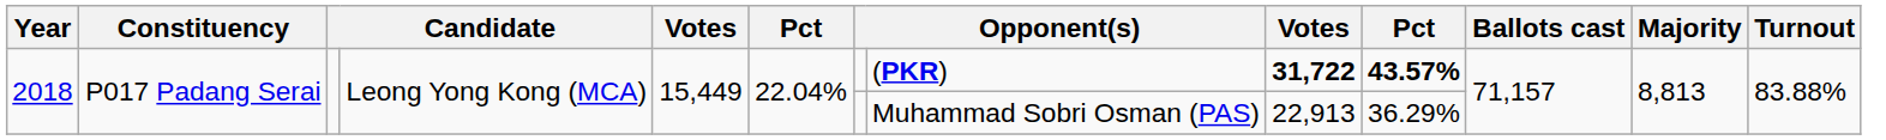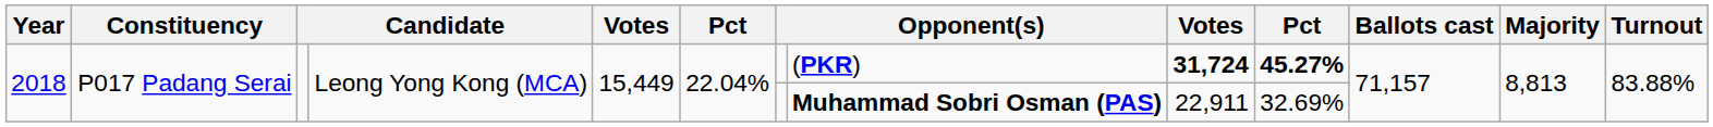 <table class="wikitable" style="margin:0.5em ; font-size:95%">
 <tr>
 <th>Year</th>
 <th>Constituency</th>
 <th colspan=2>Candidate</th>
 <th>Votes</th>
 <th>Pct</th>
 <th colspan=2>Opponent(s)</th>
 <th>Votes</th>
 <th>Pct</th>
 <th>Ballots cast</th>
 <th>Majority</th>
 <th>Turnout</th>
 </tr>
 <tr>
 <td rowspan=2><a href='#'>2018</a></td>
 <td rowspan=2>P017 <a href='#'>Padang Serai</a></td>
 <td rowspan=2 ></td>
 <td rowspan=2>Leong Yong Kong (<a href='#'>MCA</a>)</td>
 <td rowspan=2 align=right>15,449</td>
 <td rowspan=2>22.04%</td>
 <td></td>
 <td> (<a href='#'><strong>PKR</strong></a>)</td>
-<td align=right><strong>31,722</strong></td>
-<td><strong>43.57%</strong></td>
+<td align=right><strong>31,724</strong></td>
+<td><strong>45.27%</strong></td>
 <td rowspan=2>71,157</td>
 <td rowspan=2>8,813</td>
 <td rowspan=2>83.88%</td>
 </tr>
 <tr>
 <td></td>
-<td>Muhammad Sobri Osman (<a href='#'>PAS</a>)</td>
-<td align=right>22,913</td>
-<td>36.29%</td>
+<td><strong>Muhammad Sobri Osman (<a href='#'>PAS</a>)</strong></td>
+<td align=right>22,911</td>
+<td>32.69%</td>
 </tr>
 </table>
